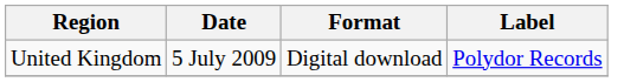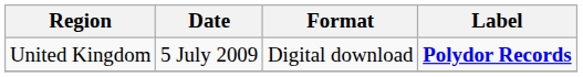 <table class=wikitable>
 <tr>
 <th>Region</th>
 <th>Date</th>
 <th>Format</th>
 <th>Label</th>
 </tr>
 <tr>
 <td>United Kingdom</td>
 <td>5 July 2009</td>
 <td>Digital download</td>
-<td><a href='#'>Polydor Records</a></td>
+<td><strong><a href='#'>Polydor Records</a></strong></td>
 </tr>
 <tr>
 </tr>
 </table>
